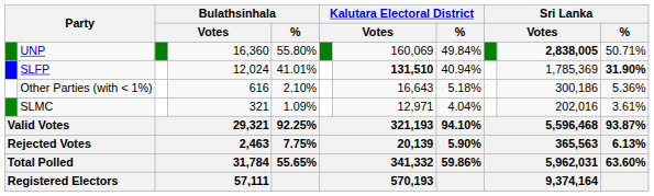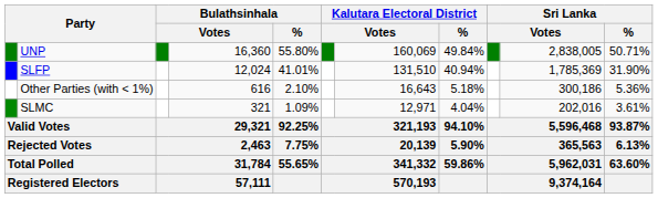 <table class="wikitable">
 <tr>
 <th colspan="2" width="144px"rowspan="2">Party</th>
 <th colspan="3" width="216px">Bulathsinhala</th>
 <th colspan="3" width="216px"><a href='#'>Kalutara Electoral District</a></th>
 <th colspan="3" width="216px">Sri Lanka</th>
 </tr>
 <tr>
 <th colspan="2" width="144px">Votes</th>
 <th>%</th>
 <th colspan="2" width="144px">Votes</th>
 <th>%</th>
 <th colspan="2" width="144px">Votes</th>
 <th>%</th>
 </tr>
 <tr>
 <td style="background-color:green;" width="10px"></td>
 <td style="text-align:left;"><a href='#'>UNP</a></td>
 <td style="background-color:green;" width="10px"></td>
 <td style="text-align:right;">16,360</td>
 <td style="text-align:right;">55.80%</td>
 <td style="background-color:green;" width="10px"></td>
 <td style="text-align:right;">160,069</td>
 <td style="text-align:right;">49.84%</td>
 <td style="background-color:green;" width="10px"></td>
-<td style="text-align:right;"><strong>2,838,005</strong></td>
+<td style="text-align:right;">2,838,005</td>
 <td style="text-align:right;">50.71%</td>
 </tr>
 <tr>
 <td style="background-color:blue;" width="10px"></td>
 <td style="text-align:left;"><a href='#'>SLFP</a></td>
 <td style="background-color:white;" width="10px"></td>
 <td style="text-align:right;">12,024</td>
 <td style="text-align:right;">41.01%</td>
 <td style="background-color:white;" width="10px"></td>
-<td style="text-align:right;"><strong>131,510</strong></td>
+<td style="text-align:right;">131,510</td>
 <td style="text-align:right;">40.94%</td>
 <td style="background-color:white;" width="10px"></td>
 <td style="text-align:right;">1,785,369</td>
-<td style="text-align:right;"><strong>31.90%</strong></td>
+<td style="text-align:right;">31.90%</td>
 </tr>
 <tr>
 <td style="background-color:white;" width="10px"></td>
 <td style="text-align:left;">Other Parties (with < 1%)</td>
 <td style="background-color:white;" width="10px"></td>
 <td style="text-align:right;">616</td>
 <td style="text-align:right;">2.10%</td>
 <td style="background-color:white;" width="10px"></td>
 <td style="text-align:right;">16,643</td>
 <td style="text-align:right;">5.18%</td>
 <td style="background-color:white;" width="10px"></td>
 <td style="text-align:right;">300,186</td>
 <td style="text-align:right;">5.36%</td>
 </tr>
 <tr>
 <td style="background-color:#008800;" width="10px"></td>
 <td style="text-align:left;">SLMC</td>
 <td style="background-color:white;" width="10px"></td>
 <td style="text-align:right;">321</td>
 <td style="text-align:right;">1.09%</td>
 <td style="background-color:white;" width="10px"></td>
 <td style="text-align:right;">12,971</td>
 <td style="text-align:right;">4.04%</td>
 <td style="background-color:white;" width="10px"></td>
 <td style="text-align:right;">202,016</td>
 <td style="text-align:right;">3.61%</td>
 </tr>
 <tr>
 <th colspan="2" width="144px"style="text-align:left;">Valid Votes</th>
 <th style="text-align:right;"colspan="2" width="144px">29,321</th>
 <th style="text-align:right;">92.25%</th>
 <th style="text-align:right;"colspan="2" width="144px">321,193</th>
 <th style="text-align:right;">94.10%</th>
 <th style="text-align:right;"colspan="2" width="144px">5,596,468</th>
 <th style="text-align:right;">93.87%</th>
 </tr>
 <tr>
 <th colspan="2" width="144px"style="text-align:left;">Rejected Votes</th>
 <th style="text-align:right;"colspan="2" width="144px">2,463</th>
 <th style="text-align:right;">7.75%</th>
 <th style="text-align:right;"colspan="2" width="144px">20,139</th>
 <th style="text-align:right;">5.90%</th>
 <th style="text-align:right;"colspan="2" width="144px">365,563</th>
 <th style="text-align:right;">6.13%</th>
 </tr>
 <tr>
 <th colspan="2" width="144px"style="text-align:left;">Total Polled</th>
 <th style="text-align:right;"colspan="2" width="144px">31,784</th>
 <th style="text-align:right;">55.65%</th>
 <th style="text-align:right;"colspan="2" width="144px">341,332</th>
 <th style="text-align:right;">59.86%</th>
 <th style="text-align:right;"colspan="2" width="144px">5,962,031</th>
 <th style="text-align:right;">63.60%</th>
 </tr>
 <tr>
 <th colspan="2" width="144px"style="text-align:left;">Registered Electors</th>
 <th style="text-align:right;"colspan="2" width="144px">57,111</th>
 <th></th>
 <th style="text-align:right;"colspan="2" width="144px">570,193</th>
 <th></th>
 <th style="text-align:right;"colspan="2" width="144px">9,374,164</th>
 <th></th>
 </tr>
 </table>
